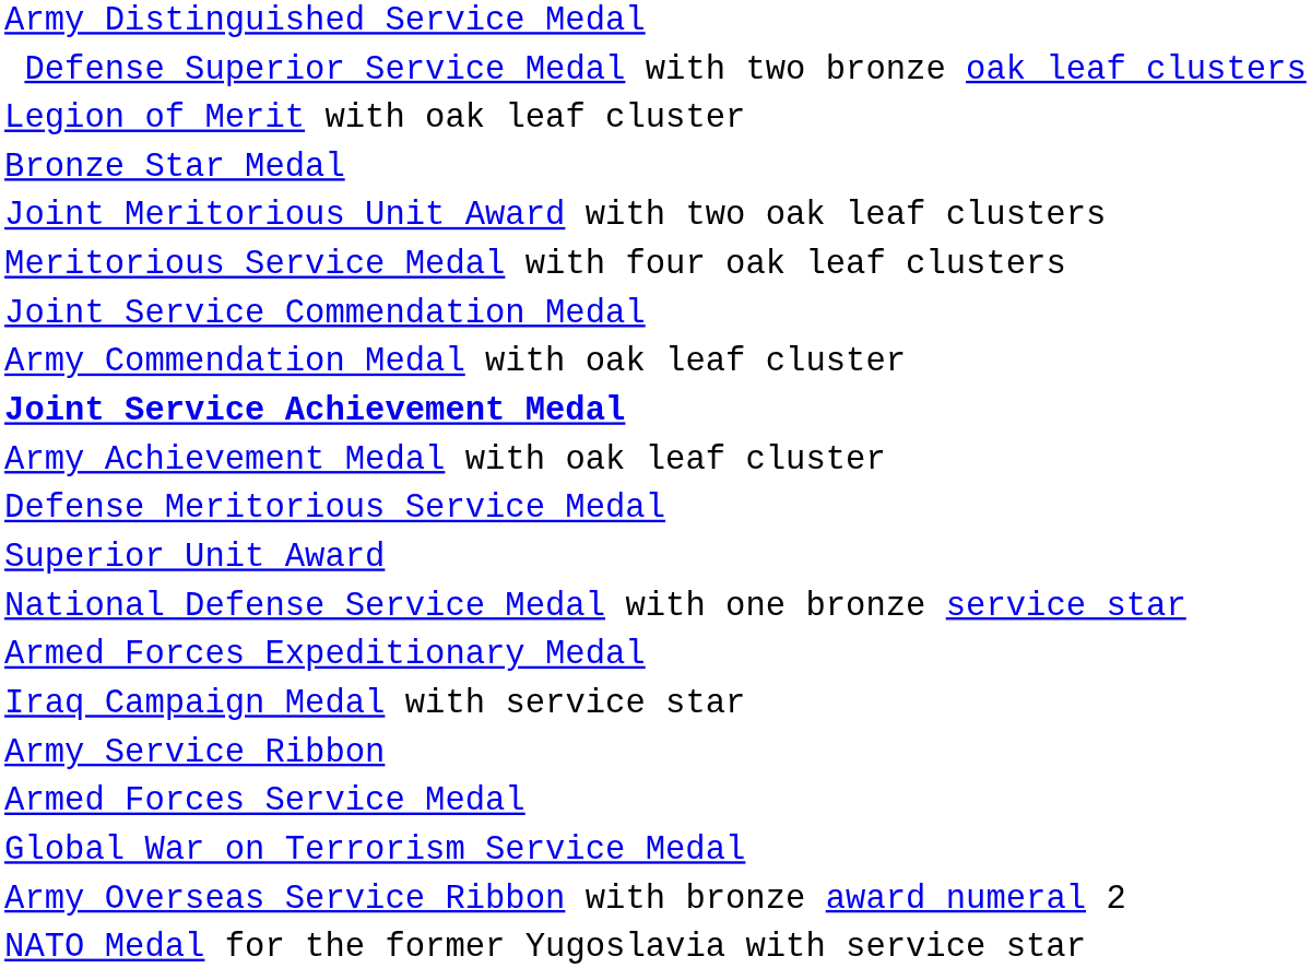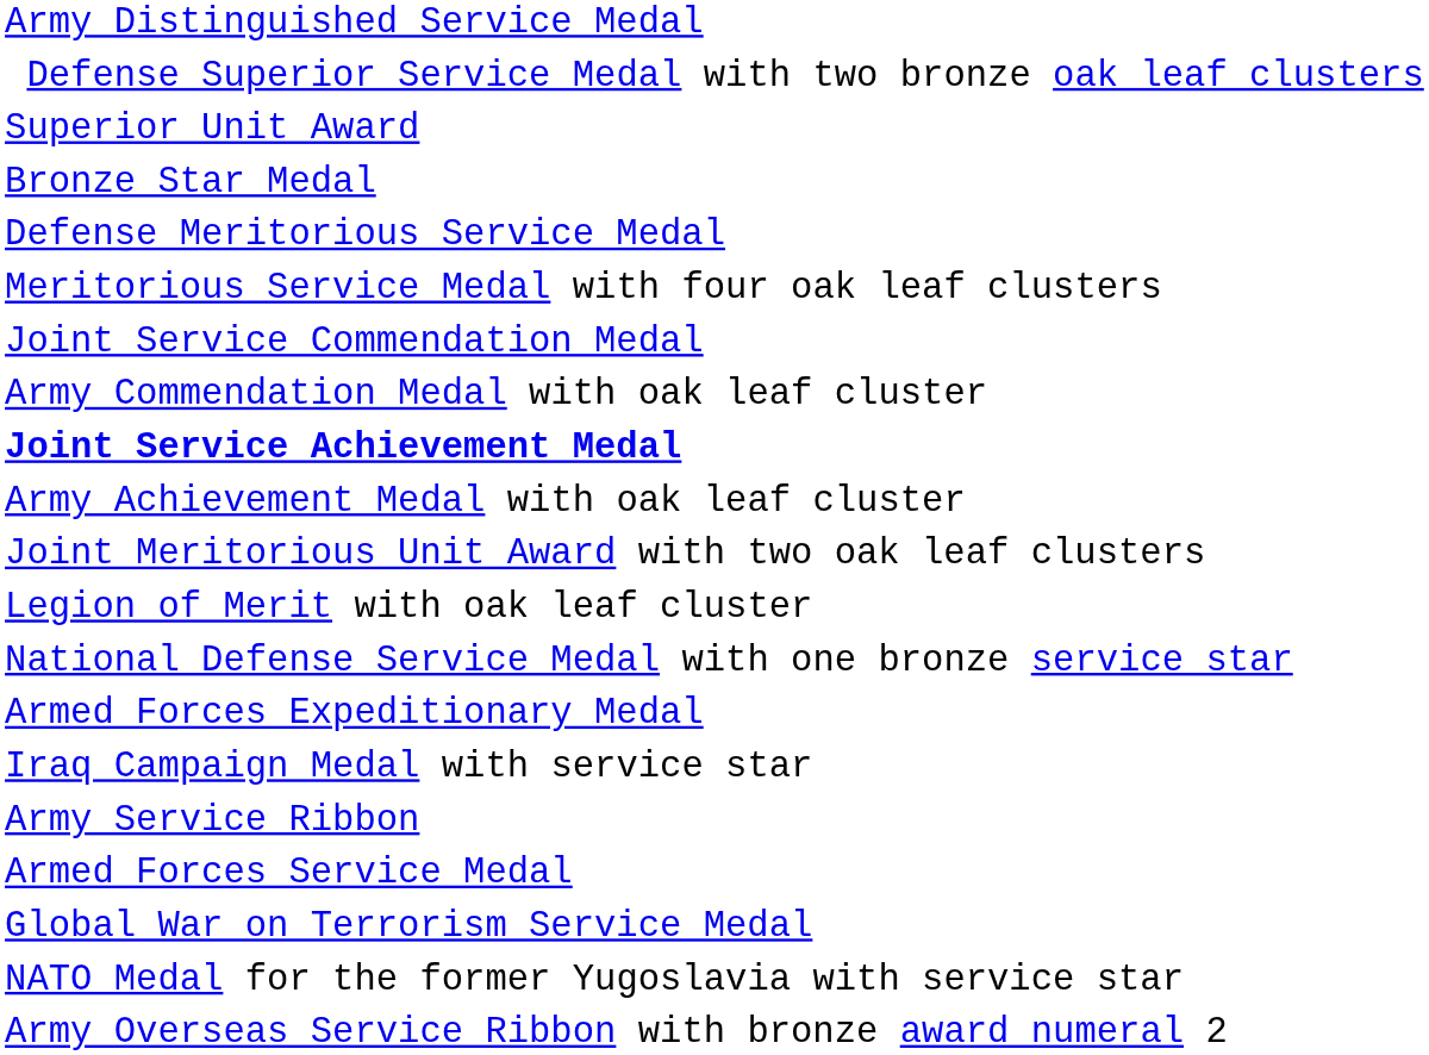 <table>
 <tr>
 <td> <a href='#'>Army Distinguished Service Medal</a></td>
 </tr>
 <tr>
 <td><span></span><span></span> <a href='#'>Defense Superior Service Medal</a> with two bronze <a href='#'>oak leaf clusters</a></td>
 </tr>
 <tr>
-<td> <a href='#'>Legion of Merit</a> with oak leaf cluster</td>
+<td> <a href='#'>Superior Unit Award</a></td>
 </tr>
 <tr>
 <td> <a href='#'>Bronze Star Medal</a></td>
 </tr>
 <tr>
-<td><span></span><span></span> <a href='#'>Joint Meritorious Unit Award</a> with two oak leaf clusters</td>
+<td> <a href='#'>Defense Meritorious Service Medal</a></td>
 </tr>
 <tr>
 <td><span></span><span></span><span></span><span></span> <a href='#'>Meritorious Service Medal</a> with four oak leaf clusters</td>
 </tr>
 <tr>
 <td> <a href='#'>Joint Service Commendation Medal</a></td>
 </tr>
 <tr>
 <td> <a href='#'>Army Commendation Medal</a> with oak leaf cluster</td>
 </tr>
 <tr>
 <td><strong> <a href='#'>Joint Service Achievement Medal</a></strong></td>
 </tr>
 <tr>
 <td> <a href='#'>Army Achievement Medal</a> with oak leaf cluster</td>
 </tr>
 <tr>
-<td> <a href='#'>Defense Meritorious Service Medal</a></td>
+<td><span></span><span></span> <a href='#'>Joint Meritorious Unit Award</a> with two oak leaf clusters</td>
 </tr>
 <tr>
-<td> <a href='#'>Superior Unit Award</a></td>
+<td> <a href='#'>Legion of Merit</a> with oak leaf cluster</td>
 </tr>
 <tr>
 <td> <a href='#'>National Defense Service Medal</a> with one bronze <a href='#'>service star</a></td>
 </tr>
 <tr>
 <td> <a href='#'>Armed Forces Expeditionary Medal</a></td>
 </tr>
 <tr>
 <td> <a href='#'>Iraq Campaign Medal</a> with service star</td>
 </tr>
 <tr>
 <td> <a href='#'>Army Service Ribbon</a></td>
 </tr>
 <tr>
 <td> <a href='#'>Armed Forces Service Medal</a></td>
 </tr>
 <tr>
 <td> <a href='#'>Global War on Terrorism Service Medal</a></td>
 </tr>
 <tr>
+<td> <a href='#'>NATO Medal</a> for the former Yugoslavia with service star</td>
+</tr>
+<tr>
 <td><span></span> <a href='#'>Army Overseas Service Ribbon</a> with bronze <a href='#'>award numeral</a> 2</td>
 </tr>
-<tr>
-<td> <a href='#'>NATO Medal</a> for the former Yugoslavia with service star</td>
-</tr>
 </table>
